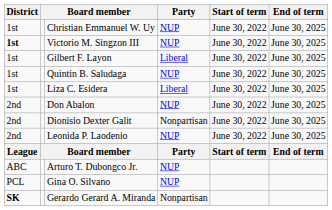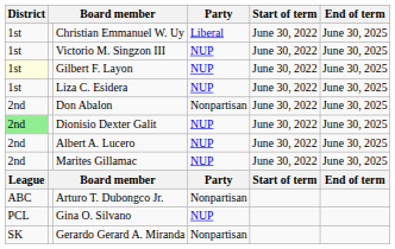 <table class="wikitable">
 <tr>
 <th>District</th>
 <th colspan="2">Board member</th>
 <th>Party</th>
 <th>Start of term</th>
 <th>End of term</th>
 </tr>
 <tr>
 <td>1st</td>
 <td></td>
 <td>Christian Emmanuel W. Uy</td>
-<td><a href='#'>NUP</a></td>
+<td><a href='#'>Liberal</a></td>
 <td>June 30, 2022</td>
 <td>June 30, 2025</td>
 </tr>
 <tr>
-<td><strong>1st</strong></td>
+<td>1st</td>
 <td></td>
 <td>Victorio M. Singzon III</td>
 <td><a href='#'>NUP</a></td>
 <td>June 30, 2022</td>
 <td>June 30, 2025</td>
 </tr>
 <tr>
-<td>1st</td>
+<td style="background: lightyellow;">1st</td>
 <td></td>
 <td>Gilbert F. Layon</td>
-<td><a href='#'>Liberal</a></td>
-<td>June 30, 2022</td>
-<td>June 30, 2025</td>
-</tr>
-<tr>
-<td>1st</td>
-<td></td>
-<td>Quintin B. Saludaga</td>
 <td><a href='#'>NUP</a></td>
 <td>June 30, 2022</td>
 <td>June 30, 2025</td>
 </tr>
 <tr>
 <td>1st</td>
 <td></td>
 <td>Liza C. Esidera</td>
-<td><a href='#'>Liberal</a></td>
+<td><a href='#'>NUP</a></td>
 <td>June 30, 2022</td>
 <td>June 30, 2025</td>
 </tr>
 <tr>
 <td>2nd</td>
 <td></td>
 <td>Don Abalon</td>
+<td>Nonpartisan</td>
+<td>June 30, 2022</td>
+<td>June 30, 2025</td>
+</tr>
+<tr>
+<td style="background: lightgreen;">2nd</td>
+<td></td>
+<td>Dionisio Dexter Galit</td>
 <td><a href='#'>NUP</a></td>
 <td>June 30, 2022</td>
 <td>June 30, 2025</td>
 </tr>
 <tr>
 <td>2nd</td>
 <td></td>
-<td>Dionisio Dexter Galit</td>
-<td>Nonpartisan</td>
+<td>Albert A. Lucero</td>
+<td><a href='#'>NUP</a></td>
 <td>June 30, 2022</td>
 <td>June 30, 2025</td>
 </tr>
 <tr>
 <td>2nd</td>
 <td></td>
-<td>Leonida P. Laodenio</td>
+<td>Marites Gillamac</td>
 <td><a href='#'>NUP</a></td>
 <td>June 30, 2022</td>
 <td>June 30, 2025</td>
 </tr>
 <tr>
 <th>League</th>
 <th colspan="2">Board member</th>
 <th>Party</th>
 <th>Start of term</th>
 <th>End of term</th>
 </tr>
 <tr>
 <td>ABC</td>
 <td></td>
 <td>Arturo T. Dubongco Jr.</td>
-<td><a href='#'>NUP</a></td>
+<td>Nonpartisan</td>
 <td></td>
 <td></td>
 </tr>
 <tr>
 <td>PCL</td>
 <td></td>
 <td>Gina O. Silvano</td>
 <td><a href='#'>NUP</a></td>
 <td></td>
 <td></td>
 </tr>
 <tr>
-<td><strong>SK</strong></td>
+<td>SK</td>
 <td></td>
 <td>Gerardo Gerard A. Miranda</td>
 <td>Nonpartisan</td>
 <td></td>
 <td></td>
 </tr>
 </table>
